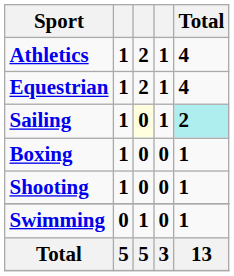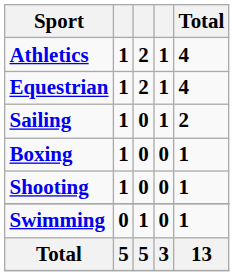 <table class="wikitable" style="font-size:85% align="right" style="text-align:center">
 <tr>
 <th>Sport</th>
 <th></th>
 <th></th>
 <th></th>
 <th>Total</th>
 </tr>
 <tr style="font-weight:bold;">
 <td><a href='#'>Athletics</a></td>
 <td>1</td>
 <td>2</td>
 <td>1</td>
 <td>4</td>
 </tr>
 <tr style="font-weight:bold;">
 <td><a href='#'>Equestrian</a></td>
 <td>1</td>
 <td>2</td>
 <td>1</td>
 <td>4</td>
 </tr>
 <tr style="font-weight:bold;">
 <td><a href='#'>Sailing</a></td>
 <td>1</td>
-<td style="background: lightyellow;">0</td>
+<td>0</td>
 <td>1</td>
-<td style="background: paleturquoise;">2</td>
+<td>2</td>
 </tr>
 <tr style="font-weight:bold;">
 <td><a href='#'>Boxing</a></td>
 <td>1</td>
 <td>0</td>
 <td>0</td>
 <td>1</td>
 </tr>
 <tr style="font-weight:bold;">
 <td><a href='#'>Shooting</a></td>
 <td>1</td>
 <td>0</td>
 <td>0</td>
 <td>1</td>
 </tr>
 <tr>
 </tr>
 <tr style="font-weight:bold;">
 <td><a href='#'>Swimming</a></td>
 <td>0</td>
 <td>1</td>
 <td>0</td>
 <td>1</td>
 </tr>
 <tr>
 <th>Total</th>
 <th>5</th>
 <th>5</th>
 <th>3</th>
 <th>13</th>
 </tr>
 <tr>
 </tr>
 </table>
